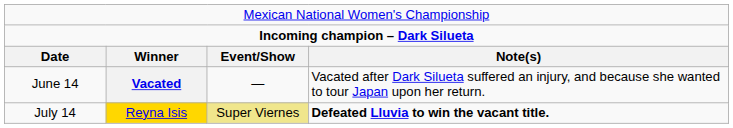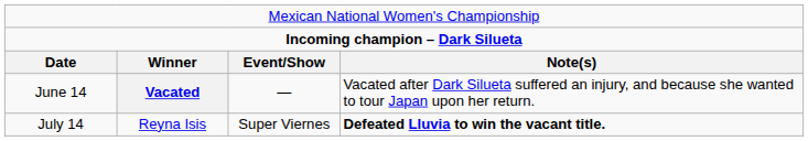 <table class="wikitable" style="text-align:center; width:100%;">
 <tr>
 <td colspan="5" style="text-align: center;"><a href='#'>Mexican National Women's Championship</a></td>
 </tr>
 <tr>
 <td colspan="5" style="text-align: center;"><strong>Incoming champion – <a href='#'>Dark Silueta</a></strong></td>
 </tr>
 <tr>
 <th width=14%>Date</th>
 <th width=14%>Winner</th>
 <th width=14%>Event/Show</th>
 <th width=58%>Note(s)</th>
 </tr>
 <tr>
 <td>June 14</td>
 <th><a href='#'>Vacated</a></th>
 <td>—</td>
 <td align=left>Vacated after <a href='#'>Dark Silueta</a> suffered an injury, and because she wanted to tour <a href='#'>Japan</a> upon her return.</td>
 </tr>
 <tr>
 <td>July 14</td>
-<td style="background: gold;"><a href='#'>Reyna Isis</a></td>
-<td style="background: khaki;">Super Viernes</td>
+<td><a href='#'>Reyna Isis</a></td>
+<td>Super Viernes</td>
 <td align=left><strong>Defeated <a href='#'>Lluvia</a> to win the vacant title.</strong></td>
 </tr>
 </table>
